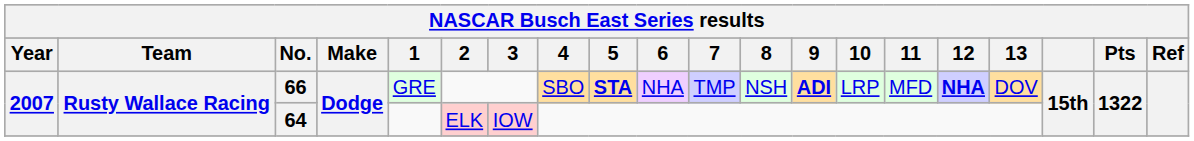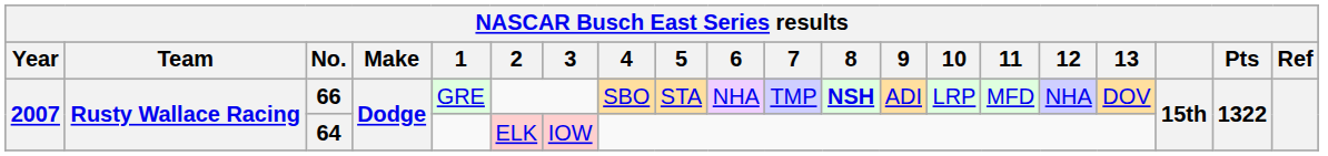 <table class="wikitable" style="text-align:center; font-size:75%">
 <tr>
 <th colspan=20><a href='#'>NASCAR Busch East Series</a> results</th>
 </tr>
 <tr>
 <th>Year</th>
 <th>Team</th>
 <th>No.</th>
 <th>Make</th>
 <th>1</th>
 <th>2</th>
 <th>3</th>
 <th>4</th>
 <th>5</th>
 <th>6</th>
 <th>7</th>
 <th>8</th>
 <th>9</th>
 <th>10</th>
 <th>11</th>
 <th>12</th>
 <th>13</th>
 <th></th>
 <th>Pts</th>
 <th>Ref</th>
 </tr>
 <tr>
 <th rowspan=2><a href='#'>2007</a></th>
 <th rowspan=2><a href='#'>Rusty Wallace Racing</a></th>
 <th>66</th>
 <th rowspan=2><a href='#'>Dodge</a></th>
 <td style="background:#DFFFDF;"><a href='#'>GRE</a><br></td>
 <td colspan=2></td>
 <td style="background:#FFDF9F;"><a href='#'>SBO</a><br></td>
-<td style="background:#FFDF9F;"><strong><a href='#'>STA</a><br></strong></td>
+<td style="background:#FFDF9F;"><a href='#'>STA</a><br></td>
 <td style="background:#EFCFFF;"><a href='#'>NHA</a><br></td>
 <td style="background:#CFCFFF;"><a href='#'>TMP</a><br></td>
-<td style="background:#DFFFDF;"><a href='#'>NSH</a><br></td>
-<td style="background:#FFDF9F;"><strong><a href='#'>ADI</a><br></strong></td>
+<td style="background:#DFFFDF;"><strong><a href='#'>NSH</a><br></strong></td>
+<td style="background:#FFDF9F;"><a href='#'>ADI</a><br></td>
 <td style="background:#DFFFDF;"><a href='#'>LRP</a><br></td>
 <td style="background:#DFFFDF;"><a href='#'>MFD</a><br></td>
-<td style="background:#CFCFFF;"><strong><a href='#'>NHA</a><br></strong></td>
+<td style="background:#CFCFFF;"><a href='#'>NHA</a><br></td>
 <td style="background:#FFDF9F;"><a href='#'>DOV</a><br></td>
 <th rowspan=2>15th</th>
 <th rowspan=2>1322</th>
 <th rowspan=2></th>
 </tr>
 <tr>
 <th>64</th>
 <td></td>
 <td style="background:#FFCFCF;"><a href='#'>ELK</a><br></td>
 <td style="background:#FFCFCF;"><a href='#'>IOW</a><br></td>
 <td colspan=10></td>
 </tr>
 </table>
